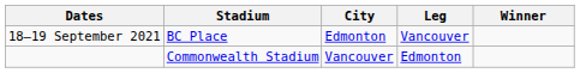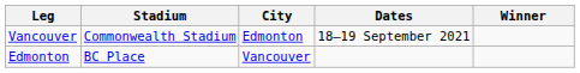 <table class="wikitable sortable"  text-align:left;">
 <tr bgcolor="#efefef">
-<th>Dates</th>
+<th style="width:5.5em;">Leg</th>
 <th>Stadium</th>
 <th style="width:5.5em;">City</th>
-<th style="width:5.5em;">Leg</th>
+<th>Dates</th>
 <th style="width:7.5em;">Winner</th>
 </tr>
 <tr>
+<td><a href='#'>Vancouver</a></td>
+<td><a href='#'>Commonwealth Stadium</a></td>
+<td><a href='#'>Edmonton</a></td>
 <td align=center>18–19 September 2021</td>
-<td><a href='#'>BC Place</a></td>
-<td><a href='#'>Edmonton</a></td>
-<td><a href='#'>Vancouver</a></td>
 <td></td>
 </tr>
 <tr>
+<td><a href='#'>Edmonton</a></td>
+<td><a href='#'>BC Place</a></td>
+<td><a href='#'>Vancouver</a></td>
 <td align=center></td>
-<td><a href='#'>Commonwealth Stadium</a></td>
-<td><a href='#'>Vancouver</a></td>
-<td><a href='#'>Edmonton</a></td>
 <td></td>
 </tr>
 </table>
